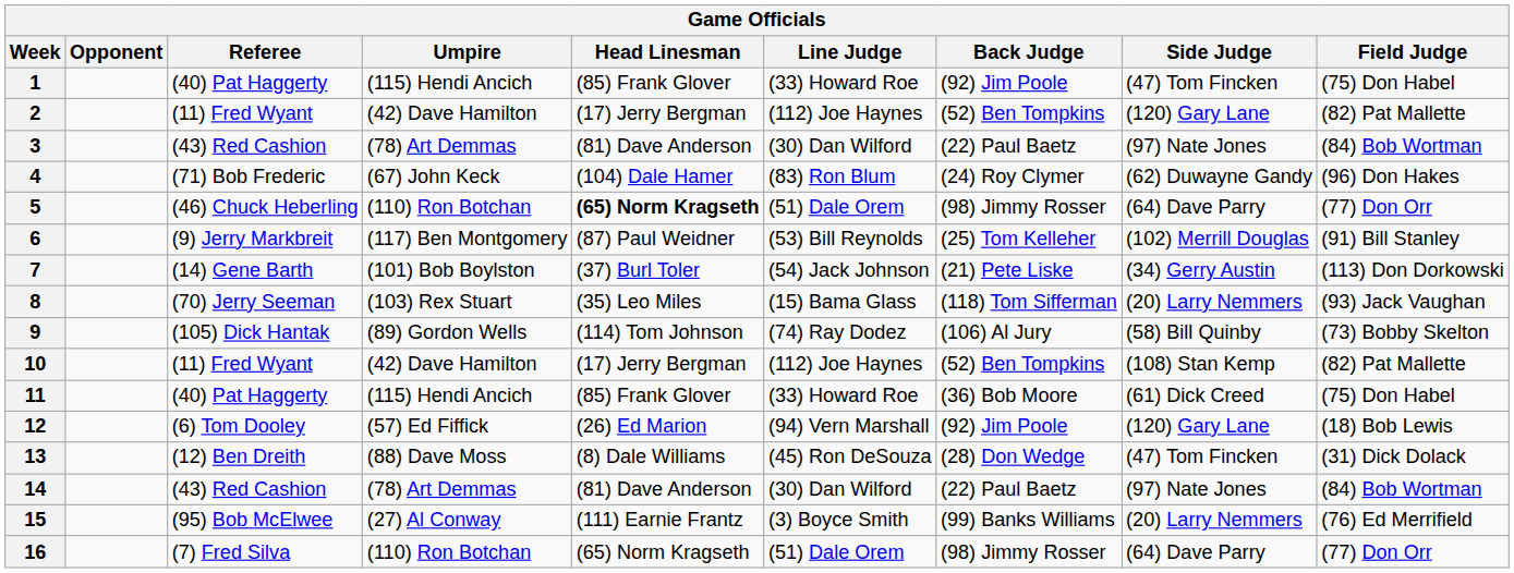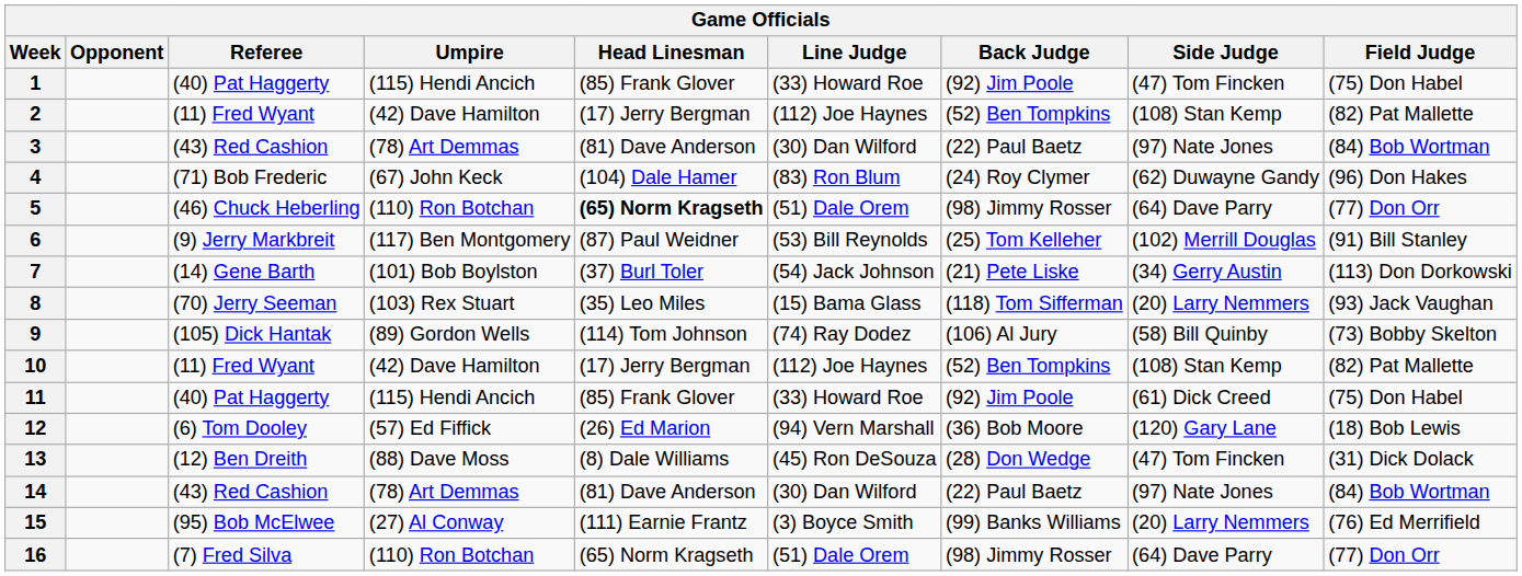 <table class="wikitable">
 <tr>
 <th colspan="9">Game Officials</th>
 </tr>
 <tr>
 <th>Week</th>
 <th>Opponent</th>
 <th>Referee</th>
 <th>Umpire</th>
 <th>Head Linesman</th>
 <th>Line Judge</th>
 <th>Back Judge</th>
 <th>Side Judge</th>
 <th>Field Judge</th>
 </tr>
 <tr -style="background: #fcc;">
 <th>1</th>
 <td></td>
 <td>(40) <a href='#'>Pat Haggerty</a></td>
 <td>(115) Hendi Ancich</td>
 <td>(85) Frank Glover</td>
 <td>(33) Howard Roe</td>
 <td>(92) <a href='#'>Jim Poole</a></td>
 <td>(47) Tom Fincken</td>
 <td>(75) Don Habel</td>
 </tr>
 <tr -style="background: #cfc;">
 <th>2</th>
 <td></td>
 <td>(11) <a href='#'>Fred Wyant</a></td>
 <td>(42) Dave Hamilton</td>
 <td>(17) Jerry Bergman</td>
 <td>(112) Joe Haynes</td>
 <td>(52) <a href='#'>Ben Tompkins</a></td>
-<td>(120) <a href='#'>Gary Lane</a></td>
+<td>(108) Stan Kemp</td>
 <td>(82) Pat Mallette</td>
 </tr>
 <tr -style="background: #cfc;">
 <th>3</th>
 <td></td>
 <td>(43) <a href='#'>Red Cashion</a></td>
 <td>(78) <a href='#'>Art Demmas</a></td>
 <td>(81) Dave Anderson</td>
 <td>(30) Dan Wilford</td>
 <td>(22) Paul Baetz</td>
 <td>(97) Nate Jones</td>
 <td>(84) <a href='#'>Bob Wortman</a></td>
 </tr>
 <tr -style="background: #cfc;">
 <th>4</th>
 <td></td>
 <td>(71) Bob Frederic</td>
 <td>(67) John Keck</td>
 <td>(104) <a href='#'>Dale Hamer</a></td>
 <td>(83) <a href='#'>Ron Blum</a></td>
 <td>(24) Roy Clymer</td>
 <td>(62) Duwayne Gandy</td>
 <td>(96) Don Hakes</td>
 </tr>
 <tr -style="background: #cfc;">
 <th>5</th>
 <td></td>
 <td>(46) <a href='#'>Chuck Heberling</a></td>
 <td>(110) <a href='#'>Ron Botchan</a></td>
 <td><strong>(65) Norm Kragseth</strong></td>
 <td>(51) <a href='#'>Dale Orem</a></td>
 <td>(98) Jimmy Rosser</td>
 <td>(64) Dave Parry</td>
 <td>(77) <a href='#'>Don Orr</a></td>
 </tr>
 <tr -style="background: #cfc;">
 <th>6</th>
 <td></td>
 <td>(9) <a href='#'>Jerry Markbreit</a></td>
 <td>(117) Ben Montgomery</td>
 <td>(87) Paul Weidner</td>
 <td>(53) Bill Reynolds</td>
 <td>(25) <a href='#'>Tom Kelleher</a></td>
 <td>(102) <a href='#'>Merrill Douglas</a></td>
 <td>(91) Bill Stanley</td>
 </tr>
 <tr -style="background: #fcc;">
 <th>7</th>
 <td></td>
 <td>(14) <a href='#'>Gene Barth</a></td>
 <td>(101) Bob Boylston</td>
 <td>(37) <a href='#'>Burl Toler</a></td>
 <td>(54) Jack Johnson</td>
 <td>(21) <a href='#'>Pete Liske</a></td>
 <td>(34) <a href='#'>Gerry Austin</a></td>
 <td>(113) Don Dorkowski</td>
 </tr>
 <tr -style="background: #cfc;">
 <th>8</th>
 <td></td>
 <td>(70) <a href='#'>Jerry Seeman</a></td>
 <td>(103) Rex Stuart</td>
 <td>(35) Leo Miles</td>
 <td>(15) Bama Glass</td>
 <td>(118) <a href='#'>Tom Sifferman</a></td>
 <td>(20) <a href='#'>Larry Nemmers</a></td>
 <td>(93) Jack Vaughan</td>
 </tr>
 <tr -style="background: #cfc;">
 <th>9</th>
 <td></td>
 <td>(105) <a href='#'>Dick Hantak</a></td>
 <td>(89) Gordon Wells</td>
 <td>(114) Tom Johnson</td>
 <td>(74) Ray Dodez</td>
 <td>(106) Al Jury</td>
 <td>(58) Bill Quinby</td>
 <td>(73) Bobby Skelton</td>
 </tr>
 <tr -style="background: #cfc;">
 <th>10</th>
 <td></td>
 <td>(11) <a href='#'>Fred Wyant</a></td>
 <td>(42) Dave Hamilton</td>
 <td>(17) Jerry Bergman</td>
 <td>(112) Joe Haynes</td>
 <td>(52) <a href='#'>Ben Tompkins</a></td>
 <td>(108) Stan Kemp</td>
 <td>(82) Pat Mallette</td>
 </tr>
 <tr -style="background: #cfc;">
 <th>11</th>
 <td></td>
 <td>(40) <a href='#'>Pat Haggerty</a></td>
 <td>(115) Hendi Ancich</td>
 <td>(85) Frank Glover</td>
 <td>(33) Howard Roe</td>
-<td>(36) Bob Moore</td>
+<td>(92) <a href='#'>Jim Poole</a></td>
 <td>(61) Dick Creed</td>
 <td>(75) Don Habel</td>
 </tr>
 <tr -style="background: #cfc;">
 <th>12</th>
 <td></td>
 <td>(6) <a href='#'>Tom Dooley</a></td>
 <td>(57) Ed Fiffick</td>
 <td>(26) <a href='#'>Ed Marion</a></td>
 <td>(94) Vern Marshall</td>
-<td>(92) <a href='#'>Jim Poole</a></td>
+<td>(36) Bob Moore</td>
 <td>(120) <a href='#'>Gary Lane</a></td>
 <td>(18) Bob Lewis</td>
 </tr>
 <tr -style="background: #cfc;">
 <th>13</th>
 <td></td>
 <td>(12) <a href='#'>Ben Dreith</a></td>
 <td>(88) Dave Moss</td>
 <td>(8) Dale Williams</td>
 <td>(45) Ron DeSouza</td>
 <td>(28) <a href='#'>Don Wedge</a></td>
 <td>(47) Tom Fincken</td>
 <td>(31) Dick Dolack</td>
 </tr>
 <tr -style="background: #cfc;">
 <th>14</th>
 <td></td>
 <td>(43) <a href='#'>Red Cashion</a></td>
 <td>(78) <a href='#'>Art Demmas</a></td>
 <td>(81) Dave Anderson</td>
 <td>(30) Dan Wilford</td>
 <td>(22) Paul Baetz</td>
 <td>(97) Nate Jones</td>
 <td>(84) <a href='#'>Bob Wortman</a></td>
 </tr>
 <tr -style="background: #cfc;">
 <th>15</th>
 <td></td>
 <td>(95) <a href='#'>Bob McElwee</a></td>
 <td>(27) <a href='#'>Al Conway</a></td>
 <td>(111) Earnie Frantz</td>
 <td>(3) Boyce Smith</td>
 <td>(99) Banks Williams</td>
 <td>(20) <a href='#'>Larry Nemmers</a></td>
 <td>(76) Ed Merrifield</td>
 </tr>
 <tr -style="background: #cfc;">
 <th>16</th>
 <td></td>
 <td>(7) <a href='#'>Fred Silva</a></td>
 <td>(110) <a href='#'>Ron Botchan</a></td>
 <td>(65) Norm Kragseth</td>
 <td>(51) <a href='#'>Dale Orem</a></td>
 <td>(98) Jimmy Rosser</td>
 <td>(64) Dave Parry</td>
 <td>(77) <a href='#'>Don Orr</a></td>
 </tr>
 </table>
